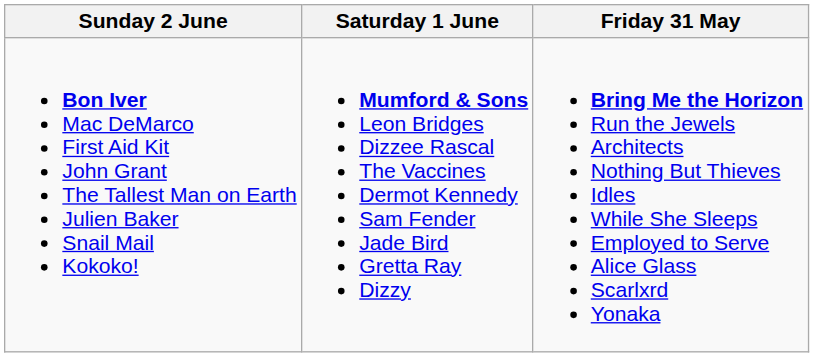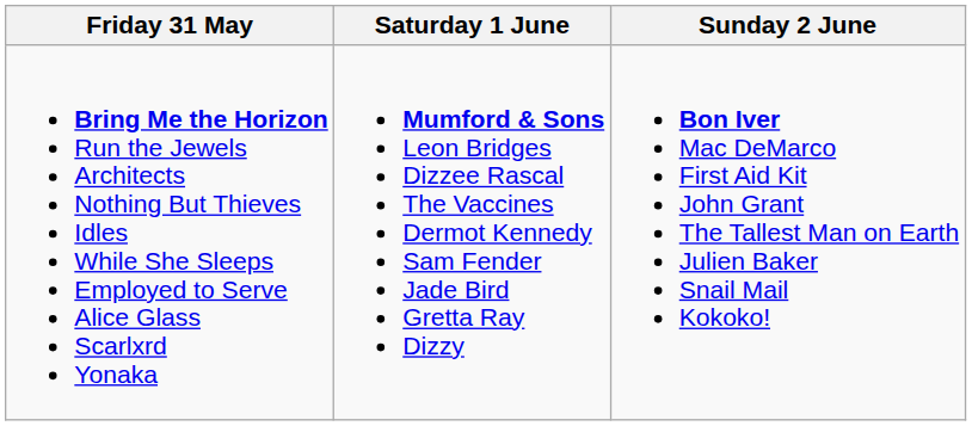 <table class="wikitable">
 <tr>
+<th>Friday 31 May</th>
+<th>Saturday 1 June</th>
 <th>Sunday 2 June</th>
-<th>Saturday 1 June</th>
-<th>Friday 31 May</th>
 </tr>
 <tr>
+<td style="vertical-align:top;"><br><ul><li><strong><a href='#'>Bring Me the Horizon</a></strong></li><li><a href='#'>Run the Jewels</a></li><li><a href='#'>Architects</a></li><li><a href='#'>Nothing But Thieves</a></li><li><a href='#'>Idles</a></li><li><a href='#'>While She Sleeps</a></li><li><a href='#'>Employed to Serve</a></li><li><a href='#'>Alice Glass</a></li><li><a href='#'>Scarlxrd</a></li><li><a href='#'>Yonaka</a></li></ul></td>
+<td style="vertical-align:top;"><br><ul><li><strong><a href='#'>Mumford & Sons</a></strong></li><li><a href='#'>Leon Bridges</a></li><li><a href='#'>Dizzee Rascal</a></li><li><a href='#'>The Vaccines</a></li><li><a href='#'>Dermot Kennedy</a></li><li><a href='#'>Sam Fender</a></li><li><a href='#'>Jade Bird</a></li><li><a href='#'>Gretta Ray</a></li><li><a href='#'>Dizzy</a></li></ul></td>
 <td style="vertical-align:top;"><br><ul><li><strong><a href='#'>Bon Iver</a></strong></li><li><a href='#'>Mac DeMarco</a></li><li><a href='#'>First Aid Kit</a></li><li><a href='#'>John Grant</a></li><li><a href='#'>The Tallest Man on Earth</a></li><li><a href='#'>Julien Baker</a></li><li><a href='#'>Snail Mail</a></li><li><a href='#'>Kokoko!</a></li></ul></td>
-<td style="vertical-align:top;"><br><ul><li><strong><a href='#'>Mumford & Sons</a></strong></li><li><a href='#'>Leon Bridges</a></li><li><a href='#'>Dizzee Rascal</a></li><li><a href='#'>The Vaccines</a></li><li><a href='#'>Dermot Kennedy</a></li><li><a href='#'>Sam Fender</a></li><li><a href='#'>Jade Bird</a></li><li><a href='#'>Gretta Ray</a></li><li><a href='#'>Dizzy</a></li></ul></td>
-<td style="vertical-align:top;"><br><ul><li><strong><a href='#'>Bring Me the Horizon</a></strong></li><li><a href='#'>Run the Jewels</a></li><li><a href='#'>Architects</a></li><li><a href='#'>Nothing But Thieves</a></li><li><a href='#'>Idles</a></li><li><a href='#'>While She Sleeps</a></li><li><a href='#'>Employed to Serve</a></li><li><a href='#'>Alice Glass</a></li><li><a href='#'>Scarlxrd</a></li><li><a href='#'>Yonaka</a></li></ul></td>
 </tr>
 </table>
